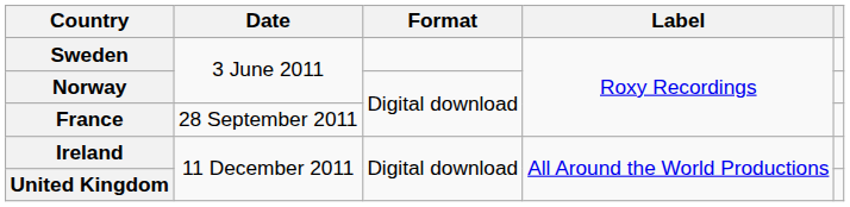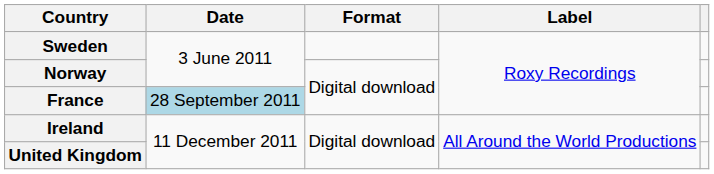 <table class="wikitable plainrowheaders" style="text-align:center;">
 <tr>
 <th scope="col">Country</th>
 <th scope="col">Date</th>
 <th scope="col">Format</th>
 <th scope="col">Label</th>
 <th scope="col"></th>
 </tr>
 <tr>
 <th scope="row">Sweden</th>
 <td rowspan="2">3 June 2011</td>
 <td></td>
 <td rowspan="3"><a href='#'>Roxy Recordings</a></td>
 </tr>
 <tr>
 <th scope="row">Norway</th>
 <td rowspan="2">Digital download</td>
 <td></td>
 </tr>
 <tr>
 <th scope="row">France</th>
-<td>28 September 2011</td>
+<td style="background: lightblue;">28 September 2011</td>
 <td></td>
 </tr>
 <tr>
 <th scope="row">Ireland</th>
 <td rowspan="2">11 December 2011</td>
 <td rowspan="2">Digital download </td>
 <td rowspan="2"><a href='#'>All Around the World Productions</a></td>
 <td></td>
 </tr>
 <tr>
 <th scope="row">United Kingdom</th>
 <td></td>
 </tr>
 </table>
